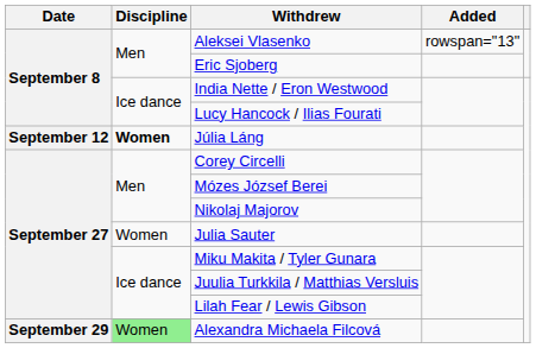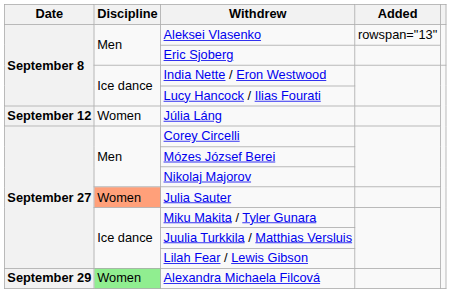 <table class="wikitable unsortable" style="text-align:left;">
 <tr>
 <th scope="col">Date</th>
 <th scope="col">Discipline</th>
 <th scope="col">Withdrew</th>
 <th scope="col">Added</th>
 <th scope="col"></th>
 </tr>
 <tr>
 <th scope="row" style="text-align:left" rowspan="4">September 8</th>
 <td rowspan="2">Men</td>
 <td> <a href='#'>Aleksei Vlasenko</a></td>
 <td>rowspan="13" </td>
 <td rowspan="2"></td>
 </tr>
 <tr>
 <td> <a href='#'>Eric Sjoberg</a></td>
 </tr>
 <tr>
 <td rowspan="2">Ice dance</td>
 <td> <a href='#'>India Nette</a> / <a href='#'>Eron Westwood</a></td>
 <td rowspan="2"></td>
 </tr>
 <tr>
 <td> <a href='#'>Lucy Hancock</a> / <a href='#'>Ilias Fourati</a></td>
 </tr>
 <tr>
 <th scope="row" style="text-align:left">September 12</th>
-<td><strong>Women</strong></td>
+<td>Women</td>
 <td> <a href='#'>Júlia Láng</a></td>
 <td></td>
 </tr>
 <tr>
 <th scope="row" style="text-align:left" rowspan="7">September 27</th>
 <td rowspan="3">Men</td>
 <td> <a href='#'>Corey Circelli</a></td>
 <td rowspan="3"></td>
 </tr>
 <tr>
 <td> <a href='#'>Mózes József Berei</a></td>
 </tr>
 <tr>
 <td> <a href='#'>Nikolaj Majorov</a></td>
 </tr>
 <tr>
-<td>Women</td>
+<td style="background: lightsalmon;">Women</td>
 <td> <a href='#'>Julia Sauter</a></td>
 <td></td>
 </tr>
 <tr>
 <td rowspan="3">Ice dance</td>
 <td> <a href='#'>Miku Makita</a> / <a href='#'>Tyler Gunara</a></td>
 <td rowspan="3"></td>
 </tr>
 <tr>
 <td> <a href='#'>Juulia Turkkila</a> / <a href='#'>Matthias Versluis</a></td>
 </tr>
 <tr>
 <td> <a href='#'>Lilah Fear</a> / <a href='#'>Lewis Gibson</a></td>
 </tr>
 <tr>
 <th scope="row" style="text-align:left">September 29</th>
 <td style="background: lightgreen;">Women</td>
 <td> <a href='#'>Alexandra Michaela Filcová</a></td>
 <td></td>
 </tr>
 </table>
